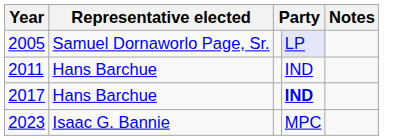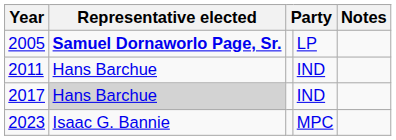 <table class="wikitable">
 <tr>
 <th>Year</th>
 <th>Representative elected</th>
 <th colspan=2>Party</th>
 <th>Notes</th>
 </tr>
 <tr>
 <td><a href='#'>2005</a></td>
-<td><a href='#'>Samuel Dornaworlo Page, Sr.</a></td>
+<td><strong><a href='#'>Samuel Dornaworlo Page, Sr.</a></strong></td>
 <td></td>
-<td style="background: lavender;"><a href='#'>LP</a></td>
+<td><a href='#'>LP</a></td>
 <td></td>
 </tr>
 <tr>
 <td><a href='#'>2011</a></td>
 <td><a href='#'>Hans Barchue</a></td>
 <td></td>
 <td><a href='#'>IND</a></td>
 <td></td>
 </tr>
 <tr>
 <td><a href='#'>2017</a></td>
-<td><a href='#'>Hans Barchue</a></td>
+<td style="background: lightgrey;"><a href='#'>Hans Barchue</a></td>
 <td></td>
-<td><strong><a href='#'>IND</a></strong></td>
+<td><a href='#'>IND</a></td>
 <td></td>
 </tr>
 <tr>
 <td><a href='#'>2023</a></td>
 <td><a href='#'>Isaac G. Bannie</a></td>
 <td></td>
 <td><a href='#'>MPC</a></td>
 <td></td>
 </tr>
 </table>
